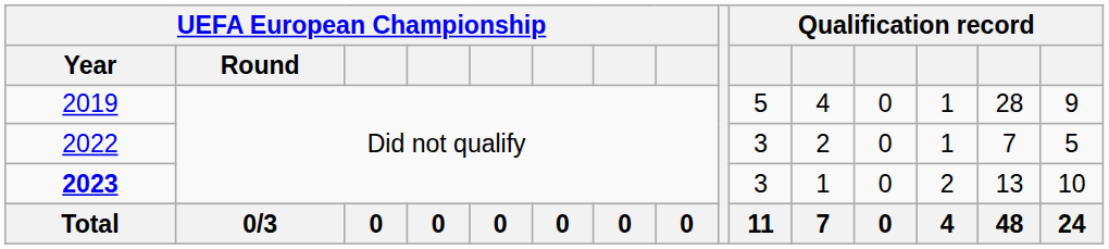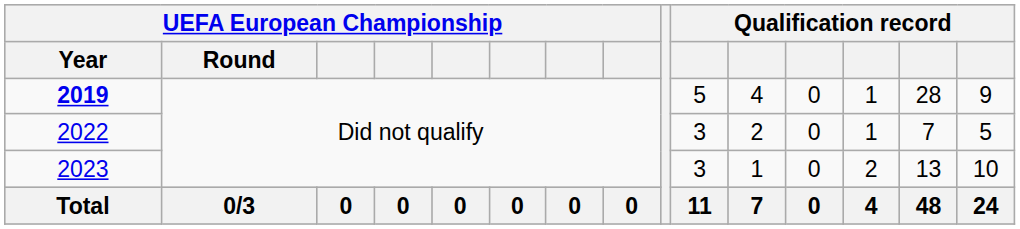 <table class="wikitable" width=50% style="text-align: center;font-size:90%;">
 <tr>
 <th colspan=8><a href='#'>UEFA European Championship</a></th>
 <th width=1% rowspan=20></th>
 <th colspan=8>Qualification record</th>
 </tr>
 <tr>
 <th width=80>Year</th>
 <th width=80>Round</th>
 <th width=25></th>
 <th width=25></th>
 <th width=25></th>
 <th width=25></th>
 <th width=25></th>
 <th width=25></th>
 <th width=25></th>
 <th width=25></th>
 <th width=25></th>
 <th width=25></th>
 <th width=25></th>
 <th width=25></th>
 </tr>
 <tr>
-<td> <a href='#'>2019</a></td>
+<td><strong> <a href='#'>2019</a></strong></td>
 <td colspan=7 rowspan=3>Did not qualify</td>
 <td>5</td>
 <td>4</td>
 <td>0</td>
 <td>1</td>
 <td>28</td>
 <td>9</td>
 </tr>
 <tr>
 <td> <a href='#'>2022</a></td>
 <td>3</td>
 <td>2</td>
 <td>0</td>
 <td>1</td>
 <td>7</td>
 <td>5</td>
 </tr>
 <tr>
-<td><strong> <a href='#'>2023</a></strong></td>
+<td> <a href='#'>2023</a></td>
 <td>3</td>
 <td>1</td>
 <td>0</td>
 <td>2</td>
 <td>13</td>
 <td>10</td>
 </tr>
 <tr>
 <th>Total</th>
 <th>0/3</th>
 <th>0</th>
 <th>0</th>
 <th>0</th>
 <th>0</th>
 <th>0</th>
 <th>0</th>
 <th>11</th>
 <th>7</th>
 <th>0</th>
 <th>4</th>
 <th>48</th>
 <th>24</th>
 </tr>
 </table>
